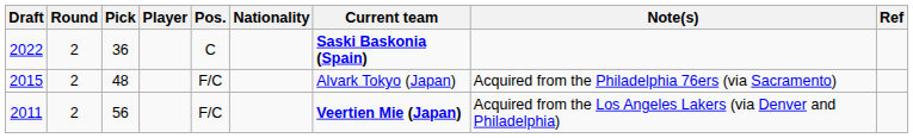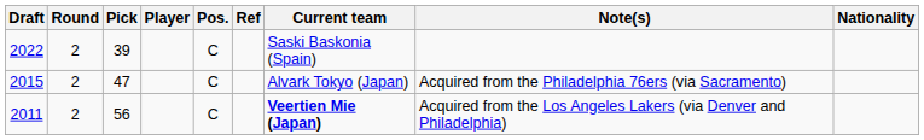 <table class="wikitable sortable" style="text-align:left; font-size:90%;">
 <tr>
 <th>Draft</th>
 <th>Round</th>
 <th>Pick</th>
 <th>Player</th>
 <th>Pos.</th>
-<th>Nationality</th>
+<th class="unsortable">Ref</th>
 <th>Current team</th>
 <th>Note(s)</th>
-<th class="unsortable">Ref</th>
+<th>Nationality</th>
 </tr>
 <tr>
 <td style="text-align:center;"><a href='#'>2022</a></td>
 <td style="text-align:center;">2</td>
-<td style="text-align:center;">36</td>
+<td style="text-align:center;">39</td>
 <td></td>
 <td style="text-align:center;">C</td>
+<td style="text-align:center;"></td>
+<td><a href='#'>Saski Baskonia</a> (<a href='#'>Spain</a>)</td>
 <td></td>
-<td><strong><a href='#'>Saski Baskonia</a> (<a href='#'>Spain</a>)</strong></td>
 <td></td>
-<td style="text-align:center;"></td>
 </tr>
 <tr>
 <td style="text-align:center;"><a href='#'>2015</a></td>
 <td style="text-align:center;">2</td>
-<td style="text-align:center;">48</td>
+<td style="text-align:center;">47</td>
 <td></td>
-<td style="text-align:center;">F/C</td>
-<td></td>
+<td style="text-align:center;">C</td>
+<td style="text-align:center;"></td>
 <td><a href='#'>Alvark Tokyo</a> (<a href='#'>Japan</a>)</td>
 <td>Acquired from the <a href='#'>Philadelphia 76ers</a> (via <a href='#'>Sacramento</a>)</td>
-<td style="text-align:center;"></td>
+<td></td>
 </tr>
 <tr>
 <td style="text-align:center;"><a href='#'>2011</a></td>
 <td style="text-align:center;">2</td>
 <td style="text-align:center;">56</td>
 <td></td>
-<td style="text-align:center;">F/C</td>
-<td></td>
+<td style="text-align:center;">C</td>
+<td style="text-align:center;"></td>
 <td><strong><a href='#'>Veertien Mie</a> (<a href='#'>Japan</a>)</strong></td>
 <td>Acquired from the <a href='#'>Los Angeles Lakers</a> (via <a href='#'>Denver</a> and <a href='#'>Philadelphia</a>)</td>
-<td style="text-align:center;"></td>
+<td></td>
 </tr>
 </table>
